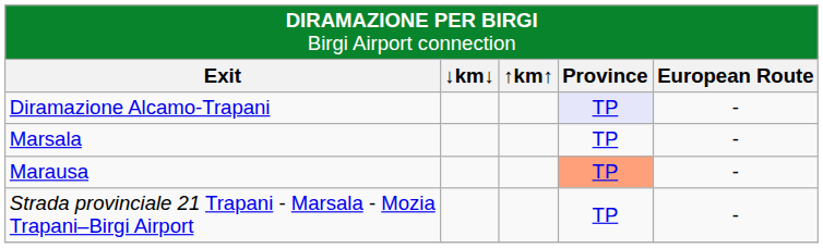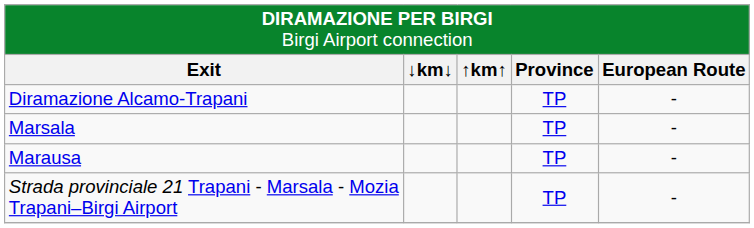 <table class="wikitable" border="1">
 <tr align="center" bgcolor="08842C" style="color: white;font-size:100%;">
 <td colspan="6"><strong> DIRAMAZIONE PER BIRGI</strong><br>Birgi Airport connection</td>
 </tr>
 <tr>
 <th style="text-align:center;"><strong>Exit</strong></th>
 <th style="text-align:center;"><strong>↓km↓</strong></th>
 <th style="text-align:center;"><strong>↑km↑</strong></th>
 <th align="center"><strong>Province</strong></th>
 <th align="center"><strong>European Route</strong></th>
 </tr>
 <tr>
 <td>  <a href='#'>Diramazione Alcamo-Trapani</a></td>
 <td align="right"></td>
 <td align="right"></td>
-<td align="center" style="background: lavender;"><a href='#'>TP</a></td>
+<td align="center"><a href='#'>TP</a></td>
 <td align="center">-</td>
 </tr>
 <tr>
 <td> <a href='#'>Marsala</a></td>
 <td align="right"></td>
 <td align="right"></td>
 <td align="center"><a href='#'>TP</a></td>
 <td align="center">-</td>
 </tr>
 <tr>
 <td> <a href='#'>Marausa</a></td>
 <td align="right"></td>
 <td align="right"></td>
-<td align="center" style="background: lightsalmon;"><a href='#'>TP</a></td>
+<td align="center"><a href='#'>TP</a></td>
 <td align="center">-</td>
 </tr>
 <tr>
 <td>  <em>Strada provinciale 21</em> <a href='#'>Trapani</a> - <a href='#'>Marsala</a> - <a href='#'>Mozia</a> <br> <a href='#'>Trapani–Birgi Airport</a></td>
 <td align="right"></td>
 <td align="right"></td>
 <td align="center"><a href='#'>TP</a></td>
 <td align="center">-</td>
 </tr>
 <tr>
 </tr>
 </table>
